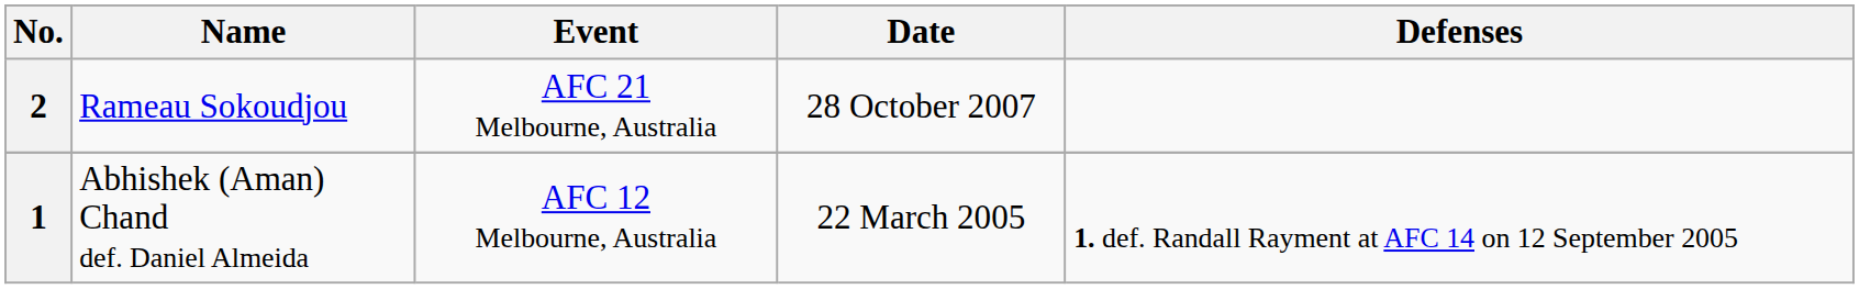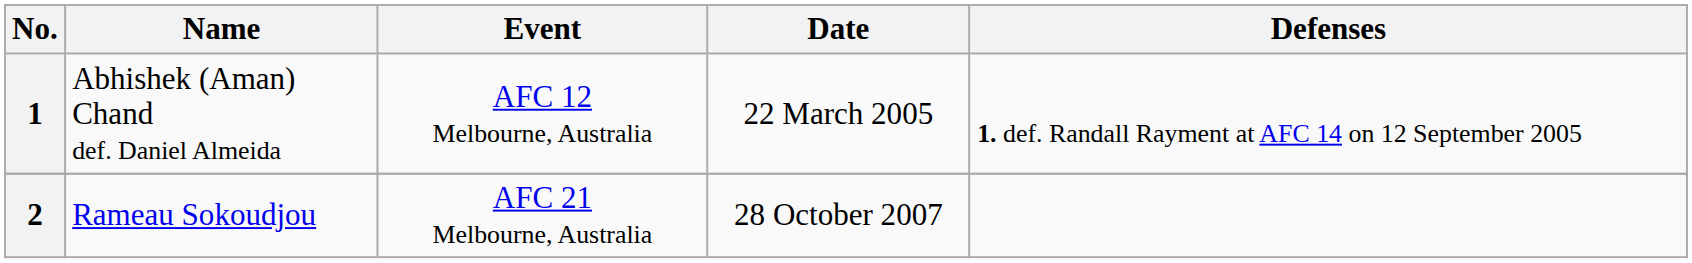 <table class="wikitable">
 <tr>
 <th width=1%>No.</th>
 <th width=19%>Name</th>
 <th width=20%>Event</th>
 <th width=16%>Date</th>
 <th width=44%>Defenses</th>
 </tr>
 <tr>
+<th>1</th>
+<td align=left> Abhishek (Aman) Chand<br><small>def. Daniel Almeida</small></td>
+<td align=center><a href='#'>AFC 12</a><br><small>Melbourne, Australia</small></td>
+<td align=center>22 March 2005</td>
+<td><br><small><strong>1.</strong> def. Randall Rayment at <a href='#'>AFC 14</a> on 12 September 2005</small></td>
+</tr>
+<tr>
+</tr>
+<tr>
 <th>2</th>
 <td align=left> <a href='#'>Rameau Sokoudjou</a></td>
 <td align=center><a href='#'>AFC 21</a><br><small>Melbourne, Australia</small></td>
 <td align=center>28 October 2007</td>
 <td></td>
 </tr>
-<tr>
-</tr>
-<tr>
-<th>1</th>
-<td align=left> Abhishek (Aman) Chand<br><small>def. Daniel Almeida</small></td>
-<td align=center><a href='#'>AFC 12</a><br><small>Melbourne, Australia</small></td>
-<td align=center>22 March 2005</td>
-<td><br><small><strong>1.</strong> def. Randall Rayment at <a href='#'>AFC 14</a> on 12 September 2005</small></td>
-</tr>
 </table>
